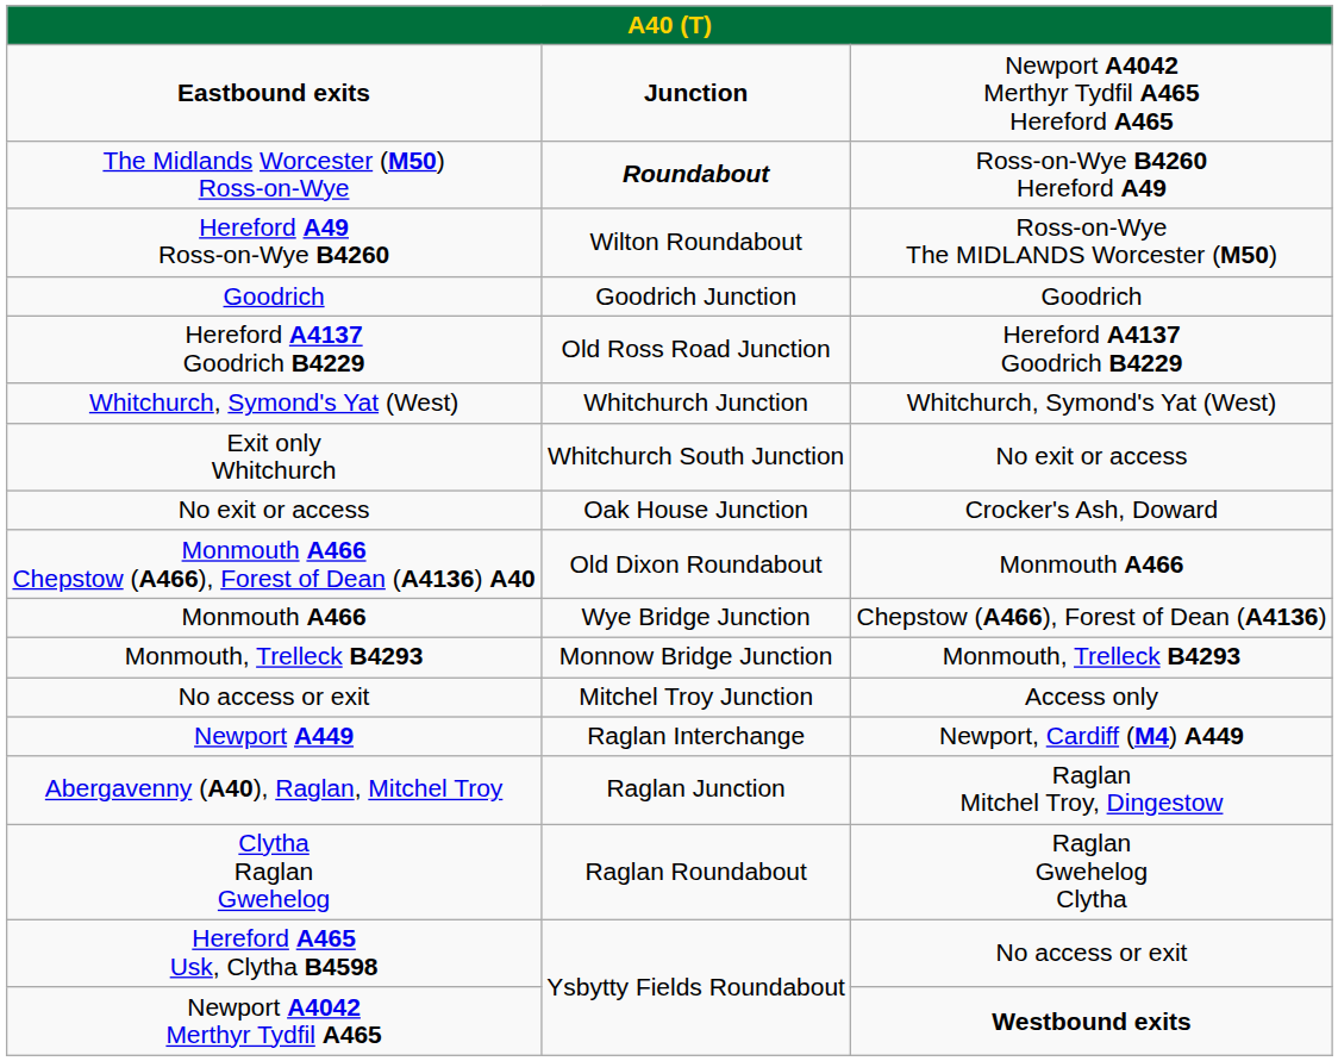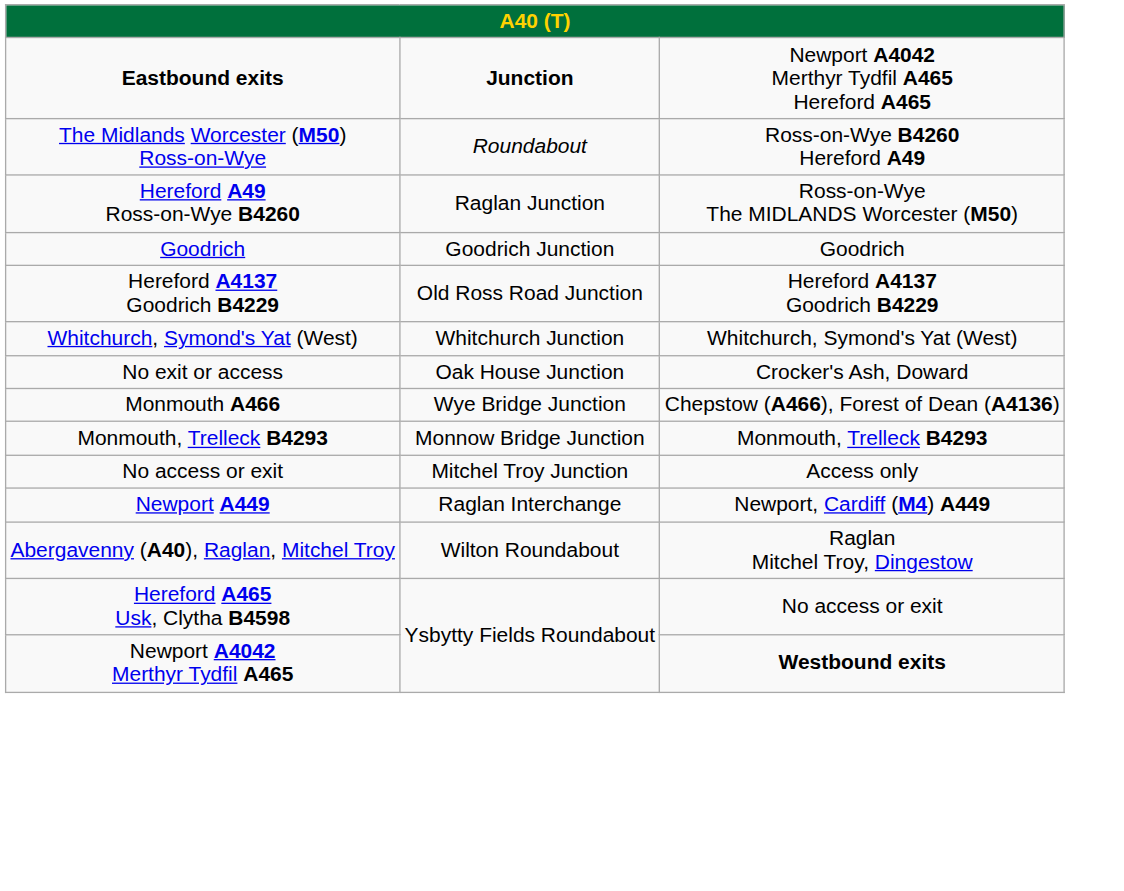 <table border=1 cellpadding=2 style="margin-left:1em; margin-bottom: 1em; c border-collapse: collapse; " class="wikitable">
 <tr align="center" bgcolor="#00703C" style="color: #ffd200;">
 <td colspan="3"><strong>A40 (T)</strong></td>
 </tr>
 <tr align="center">
 <td><strong>Eastbound exits</strong></td>
 <td><strong>Junction</strong></td>
 <td>Newport <strong>A4042</strong><br> Merthyr Tydfil <strong>A465</strong> <br> Hereford <strong>A465</strong></td>
 </tr>
 <tr align="center">
 <td><a href='#'>The Midlands</a> <a href='#'>Worcester</a> (<strong><a href='#'>M50</a></strong>) <br> <a href='#'>Ross-on-Wye</a></td>
-<td><strong><em>Roundabout</em></strong></td>
+<td><em>Roundabout</em></td>
 <td>Ross-on-Wye <strong>B4260</strong> <br> Hereford <strong>A49</strong></td>
 </tr>
 <tr align="center">
 <td><a href='#'>Hereford</a> <strong><a href='#'>A49</a></strong> <br> Ross-on-Wye <strong>B4260</strong></td>
-<td>Wilton Roundabout</td>
+<td>Raglan Junction</td>
 <td>Ross-on-Wye <br> The MIDLANDS Worcester (<strong>M50</strong>)</td>
 </tr>
 <tr align="center">
 <td><a href='#'>Goodrich</a></td>
 <td>Goodrich Junction</td>
 <td>Goodrich</td>
 </tr>
 <tr align="center">
 <td>Hereford <strong><a href='#'>A4137</a></strong> <br> Goodrich <strong>B4229</strong></td>
 <td>Old Ross Road Junction</td>
 <td>Hereford <strong>A4137</strong> <br> Goodrich <strong>B4229</strong></td>
 </tr>
 <tr align="center">
 <td><a href='#'>Whitchurch</a>, <a href='#'>Symond's Yat</a> (West)</td>
 <td>Whitchurch Junction</td>
 <td>Whitchurch, Symond's Yat (West)</td>
 </tr>
 <tr align="center">
-<td>Exit only <br> Whitchurch</td>
-<td>Whitchurch South Junction</td>
-<td>No exit or access</td>
-</tr>
-<tr align="center">
 <td> No exit or access</td>
 <td>Oak House Junction</td>
 <td>Crocker's Ash, Doward</td>
-</tr>
-<tr align="center">
-<td><a href='#'>Monmouth</a> <strong><a href='#'>A466</a></strong> <br> <a href='#'>Chepstow</a> (<strong>A466</strong>), <a href='#'>Forest of Dean</a> (<strong>A4136</strong>) <strong>A40</strong></td>
-<td>Old Dixon Roundabout</td>
-<td>Monmouth <strong>A466</strong></td>
 </tr>
 <tr align="center">
 <td>Monmouth <strong>A466</strong></td>
 <td>Wye Bridge Junction</td>
 <td>Chepstow (<strong>A466</strong>), Forest of Dean (<strong>A4136</strong>)</td>
 </tr>
 <tr align="center">
 <td>Monmouth, <a href='#'>Trelleck</a> <strong>B4293</strong></td>
 <td>Monnow Bridge Junction</td>
 <td>Monmouth, <a href='#'>Trelleck</a> <strong>B4293</strong></td>
 </tr>
 <tr align="center">
 <td>No access or exit</td>
 <td>Mitchel Troy Junction</td>
 <td>Access only</td>
 </tr>
 <tr align="center">
 <td><a href='#'>Newport</a> <strong><a href='#'>A449</a></strong></td>
 <td>Raglan Interchange</td>
 <td>Newport, <a href='#'>Cardiff</a> (<strong><a href='#'>M4</a></strong>) <strong>A449</strong></td>
 </tr>
 <tr align="center">
 <td><a href='#'>Abergavenny</a> (<strong>A40</strong>), <a href='#'>Raglan</a>, <a href='#'>Mitchel Troy</a></td>
-<td>Raglan Junction</td>
+<td>Wilton Roundabout</td>
 <td>Raglan <br> Mitchel Troy, <a href='#'>Dingestow</a></td>
-</tr>
-<tr align="center">
-<td><a href='#'>Clytha</a> <br> Raglan <br> <a href='#'>Gwehelog</a></td>
-<td>Raglan Roundabout</td>
-<td>Raglan <br> Gwehelog <br> Clytha</td>
 </tr>
 <tr align="center">
 <td><a href='#'>Hereford</a> <strong><a href='#'>A465</a></strong> <br> <a href='#'>Usk</a>, Clytha <strong>B4598</strong></td>
 <td rowspan="2">Ysbytty Fields Roundabout</td>
 <td>No access or exit</td>
 </tr>
 <tr align="center">
 <td>Newport <strong><a href='#'>A4042</a></strong> <br> <a href='#'>Merthyr Tydfil</a> <strong>A465</strong></td>
 <td><strong>Westbound exits</strong></td>
 </tr>
 </table>
